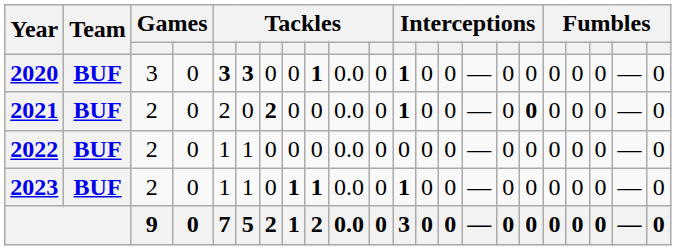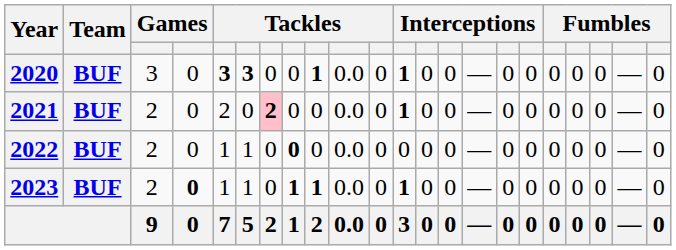 <table class="wikitable" style="text-align: center;">
 <tr>
 <th rowspan="2">Year</th>
 <th rowspan="2">Team</th>
 <th colspan="2">Games</th>
 <th colspan="7">Tackles</th>
 <th colspan="6">Interceptions</th>
 <th colspan="5">Fumbles</th>
 </tr>
 <tr>
 <th></th>
 <th></th>
 <th></th>
 <th></th>
 <th></th>
 <th></th>
 <th></th>
 <th></th>
 <th></th>
 <th></th>
 <th></th>
 <th></th>
 <th></th>
 <th></th>
 <th></th>
 <th></th>
 <th></th>
 <th></th>
 <th></th>
 <th></th>
 </tr>
 <tr>
 <th><a href='#'>2020</a></th>
 <th><a href='#'>BUF</a></th>
 <td>3</td>
 <td>0</td>
 <td><strong>3</strong></td>
 <td><strong>3</strong></td>
 <td>0</td>
 <td>0</td>
 <td><strong>1</strong></td>
 <td>0.0</td>
 <td>0</td>
 <td><strong>1</strong></td>
 <td>0</td>
 <td>0</td>
 <td>—</td>
 <td>0</td>
 <td>0</td>
 <td>0</td>
 <td>0</td>
 <td>0</td>
 <td>—</td>
 <td>0</td>
 </tr>
 <tr>
 <th><a href='#'>2021</a></th>
 <th><a href='#'>BUF</a></th>
 <td>2</td>
 <td>0</td>
 <td>2</td>
 <td>0</td>
-<td><strong>2</strong></td>
+<td style="background: pink;"><strong>2</strong></td>
 <td>0</td>
 <td>0</td>
 <td>0.0</td>
 <td>0</td>
 <td><strong>1</strong></td>
 <td>0</td>
 <td>0</td>
 <td>—</td>
 <td>0</td>
-<td><strong>0</strong></td>
+<td>0</td>
 <td>0</td>
 <td>0</td>
 <td>0</td>
 <td>—</td>
 <td>0</td>
 </tr>
 <tr>
 <th><a href='#'>2022</a></th>
 <th><a href='#'>BUF</a></th>
 <td>2</td>
 <td>0</td>
 <td>1</td>
 <td>1</td>
 <td>0</td>
-<td>0</td>
+<td><strong>0</strong></td>
 <td>0</td>
 <td>0.0</td>
 <td>0</td>
 <td>0</td>
 <td>0</td>
 <td>0</td>
 <td>—</td>
 <td>0</td>
 <td>0</td>
 <td>0</td>
 <td>0</td>
 <td>0</td>
 <td>—</td>
 <td>0</td>
 </tr>
 <tr>
 <th><a href='#'>2023</a></th>
 <th><a href='#'>BUF</a></th>
 <td>2</td>
-<td>0</td>
+<td><strong>0</strong></td>
 <td>1</td>
 <td>1</td>
 <td>0</td>
 <td><strong>1</strong></td>
 <td><strong>1</strong></td>
 <td>0.0</td>
 <td>0</td>
 <td><strong>1</strong></td>
 <td>0</td>
 <td>0</td>
 <td>—</td>
 <td>0</td>
 <td>0</td>
 <td>0</td>
 <td>0</td>
 <td>0</td>
 <td>—</td>
 <td>0</td>
 </tr>
 <tr>
 <th colspan="2"></th>
 <th>9</th>
 <th>0</th>
 <th>7</th>
 <th>5</th>
 <th>2</th>
 <th>1</th>
 <th>2</th>
 <th>0.0</th>
 <th>0</th>
 <th>3</th>
 <th>0</th>
 <th>0</th>
 <th>—</th>
 <th>0</th>
 <th>0</th>
 <th>0</th>
 <th>0</th>
 <th>0</th>
 <th>—</th>
 <th>0</th>
 </tr>
 </table>
